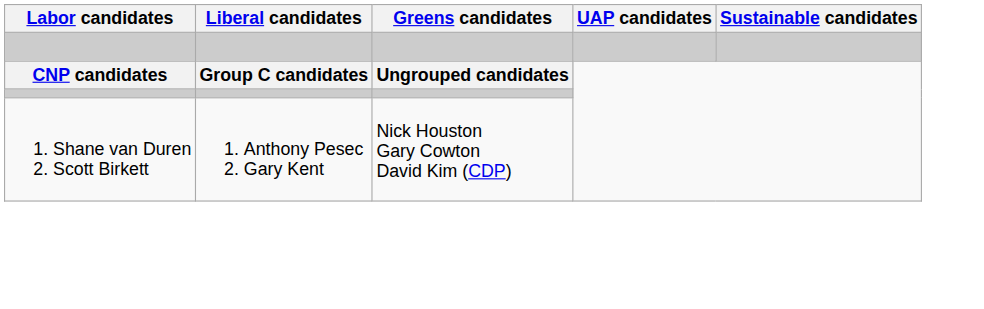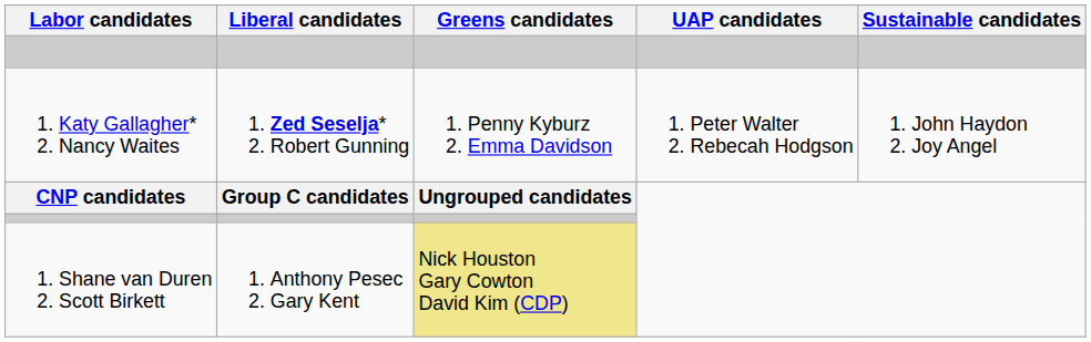 <table class="wikitable">
 <tr>
 <th><a href='#'>Labor</a> candidates</th>
 <th><a href='#'>Liberal</a> candidates</th>
 <th><a href='#'>Greens</a> candidates</th>
 <th><a href='#'>UAP</a> candidates</th>
 <th><a href='#'>Sustainable</a> candidates</th>
 </tr>
 <tr style="background:#ccc;">
 <td> </td>
 <td> </td>
 <td></td>
 <td></td>
 <td></td>
 </tr>
+<tr>
+<td><br><ol><li><a href='#'>Katy Gallagher</a>*</li><li>Nancy Waites</li></ol></td>
+<td><br><ol><li><strong><a href='#'>Zed Seselja</a></strong>*</li><li>Robert Gunning</li></ol></td>
+<td valign=top><br><ol><li>Penny Kyburz</li><li><a href='#'>Emma Davidson</a></li></ol></td>
+<td valign=top><br><ol><li>Peter Walter</li><li>Rebecah Hodgson</li></ol></td>
+<td valign=top><br><ol><li>John Haydon</li><li>Joy Angel</li></ol></td>
+</tr>
 <tr style="background:#ccc;">
 <th><a href='#'>CNP</a> candidates</th>
 <th>Group C candidates</th>
 <th>Ungrouped candidates</th>
 </tr>
 <tr style="background:#ccc;">
 <td></td>
 <td></td>
 <td></td>
 </tr>
 <tr>
 <td valign=top><br><ol><li>Shane van Duren</li><li>Scott Birkett</li></ol></td>
 <td valign=top><br><ol><li>Anthony Pesec</li><li>Gary Kent</li></ol></td>
-<td valign=top><br>Nick Houston<br> Gary Cowton<br> David Kim (<a href='#'>CDP</a>)</td>
+<td valign=top style="background: khaki;"><br>Nick Houston<br> Gary Cowton<br> David Kim (<a href='#'>CDP</a>)</td>
 </tr>
 </table>
